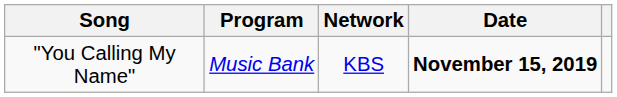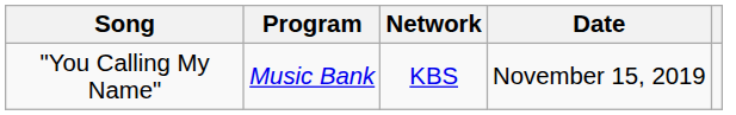 <table class="wikitable" style="text-align:center">
 <tr>
 <th width="150">Song</th>
 <th>Program</th>
 <th>Network</th>
 <th>Date</th>
 <th></th>
 </tr>
 <tr>
 <td rowspan="3">"You Calling My Name"</td>
 <td><em><a href='#'>Music Bank</a></em></td>
 <td><a href='#'>KBS</a></td>
-<td><strong>November 15, 2019</strong></td>
+<td>November 15, 2019</td>
 <td><br></td>
 </tr>
 </table>
